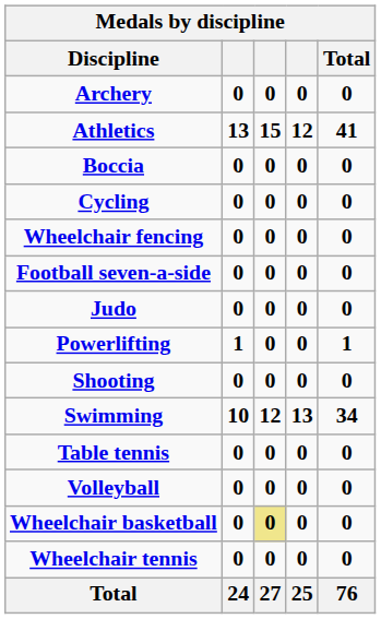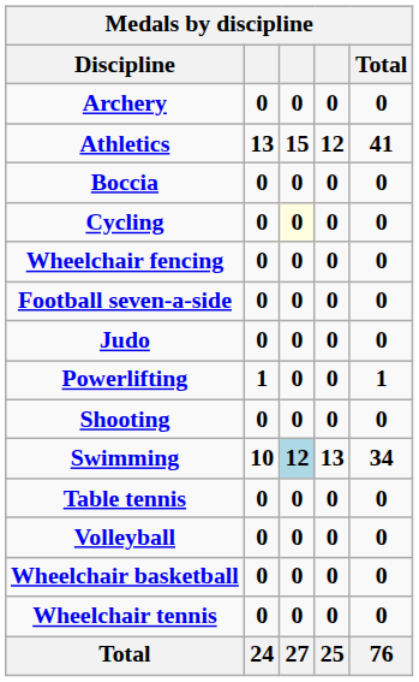 <table class="wikitable" style="font-size:85%" align="right">
 <tr bgcolor="#efefef">
 <th colspan=6>Medals by discipline</th>
 </tr>
 <tr style="text-align:center;">
 <th>Discipline</th>
 <th></th>
 <th></th>
 <th></th>
 <th>Total</th>
 </tr>
 <tr style="text-align:center; font-weight:bold;">
 <td><a href='#'>Archery</a></td>
 <td>0</td>
 <td>0</td>
 <td>0</td>
 <td>0</td>
 </tr>
 <tr style="text-align:center; font-weight:bold;">
 <td><a href='#'>Athletics</a></td>
 <td>13</td>
 <td>15</td>
 <td>12</td>
 <td>41</td>
 </tr>
 <tr style="text-align:center; font-weight:bold;">
 <td><a href='#'>Boccia</a></td>
 <td>0</td>
 <td>0</td>
 <td>0</td>
 <td>0</td>
 </tr>
 <tr style="text-align:center; font-weight:bold;">
 <td><a href='#'>Cycling</a></td>
 <td>0</td>
-<td>0</td>
+<td style="background: lightyellow;">0</td>
 <td>0</td>
 <td>0</td>
 </tr>
 <tr style="text-align:center; font-weight:bold;">
 <td><a href='#'>Wheelchair fencing</a></td>
 <td>0</td>
 <td>0</td>
 <td>0</td>
 <td>0</td>
 </tr>
 <tr style="text-align:center; font-weight:bold;">
 <td><a href='#'>Football seven-a-side</a></td>
 <td>0</td>
 <td>0</td>
 <td>0</td>
 <td>0</td>
 </tr>
 <tr style="text-align:center; font-weight:bold;">
 <td><a href='#'>Judo</a></td>
 <td>0</td>
 <td>0</td>
 <td>0</td>
 <td>0</td>
 </tr>
 <tr style="text-align:center; font-weight:bold;">
 <td><a href='#'>Powerlifting</a></td>
 <td>1</td>
 <td>0</td>
 <td>0</td>
 <td>1</td>
 </tr>
 <tr style="text-align:center; font-weight:bold;">
 <td><a href='#'>Shooting</a></td>
 <td>0</td>
 <td>0</td>
 <td>0</td>
 <td>0</td>
 </tr>
 <tr style="text-align:center; font-weight:bold;">
 <td><a href='#'>Swimming</a></td>
 <td>10</td>
-<td>12</td>
+<td style="background: lightblue;">12</td>
 <td>13</td>
 <td>34</td>
 </tr>
 <tr style="text-align:center; font-weight:bold;">
 <td><a href='#'>Table tennis</a></td>
 <td>0</td>
 <td>0</td>
 <td>0</td>
 <td>0</td>
 </tr>
 <tr style="text-align:center; font-weight:bold;">
 <td><a href='#'>Volleyball</a></td>
 <td>0</td>
 <td>0</td>
 <td>0</td>
 <td>0</td>
 </tr>
 <tr style="text-align:center; font-weight:bold;">
 <td><a href='#'>Wheelchair basketball</a></td>
 <td>0</td>
-<td style="background: khaki;">0</td>
+<td>0</td>
 <td>0</td>
 <td>0</td>
 </tr>
 <tr style="text-align:center; font-weight:bold;">
 <td><a href='#'>Wheelchair tennis</a></td>
 <td>0</td>
 <td>0</td>
 <td>0</td>
 <td>0</td>
 </tr>
 <tr style="text-align:center;">
 <th>Total</th>
 <th>24</th>
 <th>27</th>
 <th>25</th>
 <th>76</th>
 </tr>
 </table>
